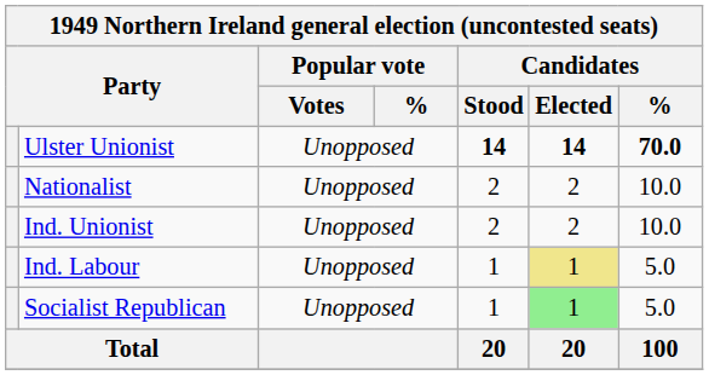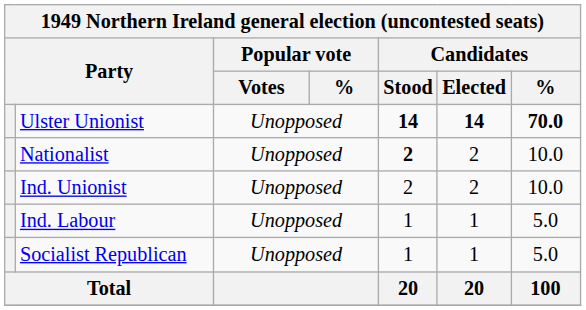 <table class="wikitable" style="font-size:95%">
 <tr>
 <th colspan="16" style="background-color:#f2f2f2">1949 Northern Ireland general election (uncontested seats)</th>
 </tr>
 <tr style="vertical-align:center;">
 <th style="width:150px;" "vertical-align:center;" rowspan="2" colspan="2">Party</th>
 <th colspan="2" style="width: 30px">Popular vote</th>
 <th colspan="3" style="width: 30px">Candidates</th>
 </tr>
 <tr>
 <th style="width:65px;">Votes</th>
 <th style="width:45px;">%</th>
 <th>Stood</th>
 <th>Elected</th>
 <th style="width:45px;">%</th>
 </tr>
 <tr>
 <th style="background-color: "></th>
 <td><a href='#'>Ulster Unionist</a></td>
 <td align="center" colspan="2"><em>Unopposed</em></td>
 <td align="center"><strong>14</strong></td>
 <td align="center"><strong>14</strong></td>
 <td align="center"><strong>70.0</strong></td>
 </tr>
 <tr>
 <th style="background-color: "></th>
 <td><a href='#'>Nationalist</a></td>
 <td align="center" colspan="2"><em>Unopposed</em></td>
-<td align="center">2</td>
+<td align="center"><strong>2</strong></td>
 <td align="center">2</td>
 <td align="center">10.0</td>
 </tr>
 <tr>
 <th style="background-color: "></th>
 <td><a href='#'>Ind. Unionist</a></td>
 <td align="center" colspan="2"><em>Unopposed</em></td>
 <td align="center">2</td>
 <td align="center">2</td>
 <td align="center">10.0</td>
 </tr>
 <tr>
 <th style="background-color: "></th>
 <td><a href='#'>Ind. Labour</a></td>
 <td align="center" colspan="2"><em>Unopposed</em></td>
 <td align="center">1</td>
-<td align="center" style="background: khaki;">1</td>
+<td align="center">1</td>
 <td align="center">5.0</td>
 </tr>
 <tr>
 <th style="background-color: "></th>
 <td><a href='#'>Socialist Republican</a></td>
 <td align="center" colspan="2"><em>Unopposed</em></td>
 <td align="center">1</td>
-<td align="center" style="background: lightgreen;">1</td>
+<td align="center">1</td>
 <td align="center">5.0</td>
 </tr>
 <tr>
 <th style="width:150px;" "vertical-align:center;" colspan="2">Total</th>
 <th align="center" colspan="2"></th>
 <th align="center">20</th>
 <th align="center">20</th>
 <th align="center">100</th>
 </tr>
 <tr>
 </tr>
 </table>
